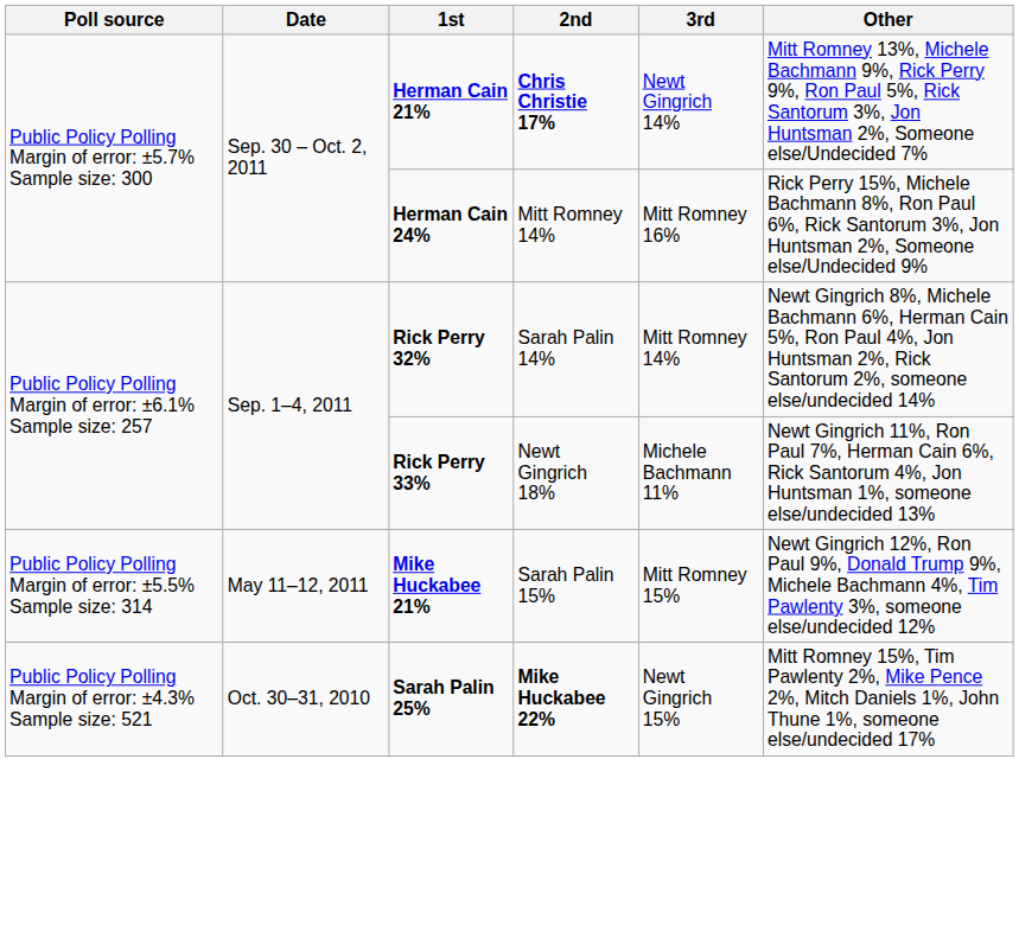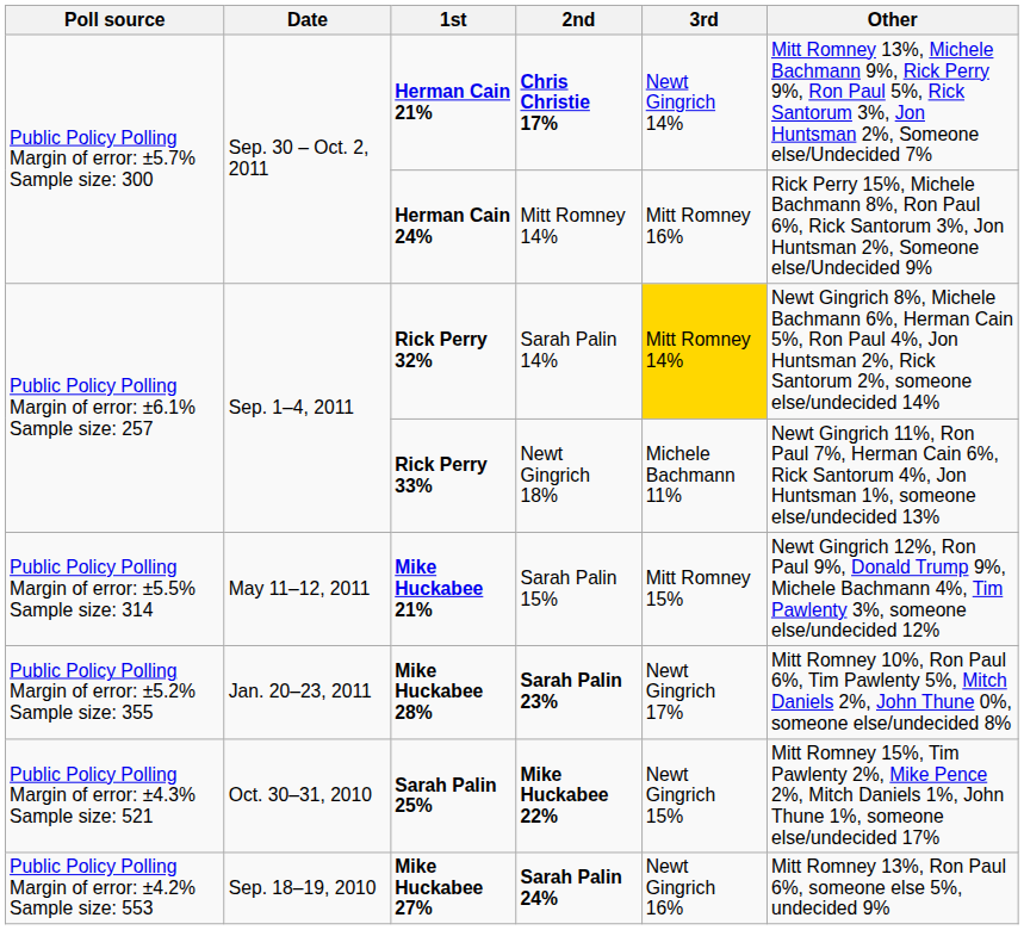 <table class="wikitable">
 <tr>
 <th style="width:180px;">Poll source</th>
 <th style="width:135px;">Date</th>
 <th style="width:100px;">1st</th>
 <th style="width:100px;">2nd</th>
 <th style="width:100px;">3rd</th>
 <th>Other</th>
 </tr>
 <tr>
 <td rowspan=2><a href='#'>Public Policy Polling</a><br>Margin of error: ±5.7% <br>Sample size: 300</td>
 <td rowspan=2>Sep. 30 – Oct. 2, 2011</td>
 <td><strong><a href='#'>Herman Cain</a><br> 21%</strong></td>
 <td><strong><a href='#'>Chris Christie</a><br> 17%</strong></td>
 <td><a href='#'>Newt Gingrich</a><br> 14%</td>
 <td><a href='#'>Mitt Romney</a> 13%, <a href='#'>Michele Bachmann</a> 9%, <a href='#'>Rick Perry</a> 9%, <a href='#'>Ron Paul</a> 5%, <a href='#'>Rick Santorum</a> 3%, <a href='#'>Jon Huntsman</a> 2%, Someone else/Undecided 7%</td>
 </tr>
 <tr>
 <td><strong>Herman Cain<br> 24%</strong></td>
 <td>Mitt Romney<br> 14%</td>
 <td>Mitt Romney<br> 16%</td>
 <td>Rick Perry 15%, Michele Bachmann 8%, Ron Paul 6%, Rick Santorum 3%, Jon Huntsman 2%, Someone else/Undecided 9%</td>
 </tr>
 <tr>
 <td rowspan=2><a href='#'>Public Policy Polling</a><br>Margin of error: ±6.1% <br>Sample size: 257</td>
 <td rowspan=2>Sep. 1–4, 2011</td>
 <td><strong>Rick Perry<br> 32%</strong></td>
 <td>Sarah Palin<br> 14%</td>
-<td>Mitt Romney<br> 14%</td>
+<td style="background: gold;">Mitt Romney<br> 14%</td>
 <td>Newt Gingrich 8%, Michele Bachmann 6%, Herman Cain 5%, Ron Paul 4%, Jon Huntsman 2%, Rick Santorum 2%, someone else/undecided 14%</td>
 </tr>
 <tr>
 <td><strong>Rick Perry<br> 33%</strong></td>
 <td>Newt Gingrich<br> 18%</td>
 <td>Michele Bachmann<br> 11%</td>
 <td>Newt Gingrich 11%, Ron Paul 7%, Herman Cain 6%, Rick Santorum 4%, Jon Huntsman 1%, someone else/undecided 13%</td>
 </tr>
 <tr>
 <td><a href='#'>Public Policy Polling</a><br>Margin of error: ±5.5% <br>Sample size: 314</td>
 <td>May 11–12, 2011</td>
 <td><strong><a href='#'>Mike Huckabee</a><br> 21%</strong></td>
 <td>Sarah Palin<br> 15%</td>
 <td>Mitt Romney<br> 15%</td>
 <td>Newt Gingrich 12%, Ron Paul 9%, <a href='#'>Donald Trump</a> 9%, Michele Bachmann 4%, <a href='#'>Tim Pawlenty</a> 3%, someone else/undecided 12%</td>
 </tr>
 <tr>
+<td><a href='#'>Public Policy Polling</a><br>Margin of error: ±5.2% <br>Sample size: 355</td>
+<td>Jan. 20–23, 2011</td>
+<td><strong>Mike Huckabee<br> 28%</strong></td>
+<td><strong>Sarah Palin<br> 23%</strong></td>
+<td>Newt Gingrich<br> 17%</td>
+<td>Mitt Romney 10%, Ron Paul 6%, Tim Pawlenty 5%, <a href='#'>Mitch Daniels</a> 2%, <a href='#'>John Thune</a> 0%, someone else/undecided 8%</td>
+</tr>
+<tr>
 <td><a href='#'>Public Policy Polling</a><br>Margin of error: ±4.3% <br>Sample size: 521</td>
 <td>Oct. 30–31, 2010</td>
 <td><strong>Sarah Palin<br> 25%</strong></td>
 <td><strong>Mike Huckabee<br> 22%</strong></td>
 <td>Newt Gingrich<br> 15%</td>
 <td>Mitt Romney 15%, Tim Pawlenty 2%, <a href='#'>Mike Pence</a> 2%, Mitch Daniels 1%, John Thune 1%, someone else/undecided 17%</td>
 </tr>
+<tr>
+<td><a href='#'>Public Policy Polling</a><br>Margin of error: ±4.2% <br>Sample size: 553</td>
+<td>Sep. 18–19, 2010</td>
+<td><strong>Mike Huckabee<br> 27%</strong></td>
+<td><strong>Sarah Palin<br> 24%</strong></td>
+<td>Newt Gingrich<br> 16%</td>
+<td>Mitt Romney 13%, Ron Paul 6%, someone else 5%, undecided 9%</td>
+</tr>
 </table>
